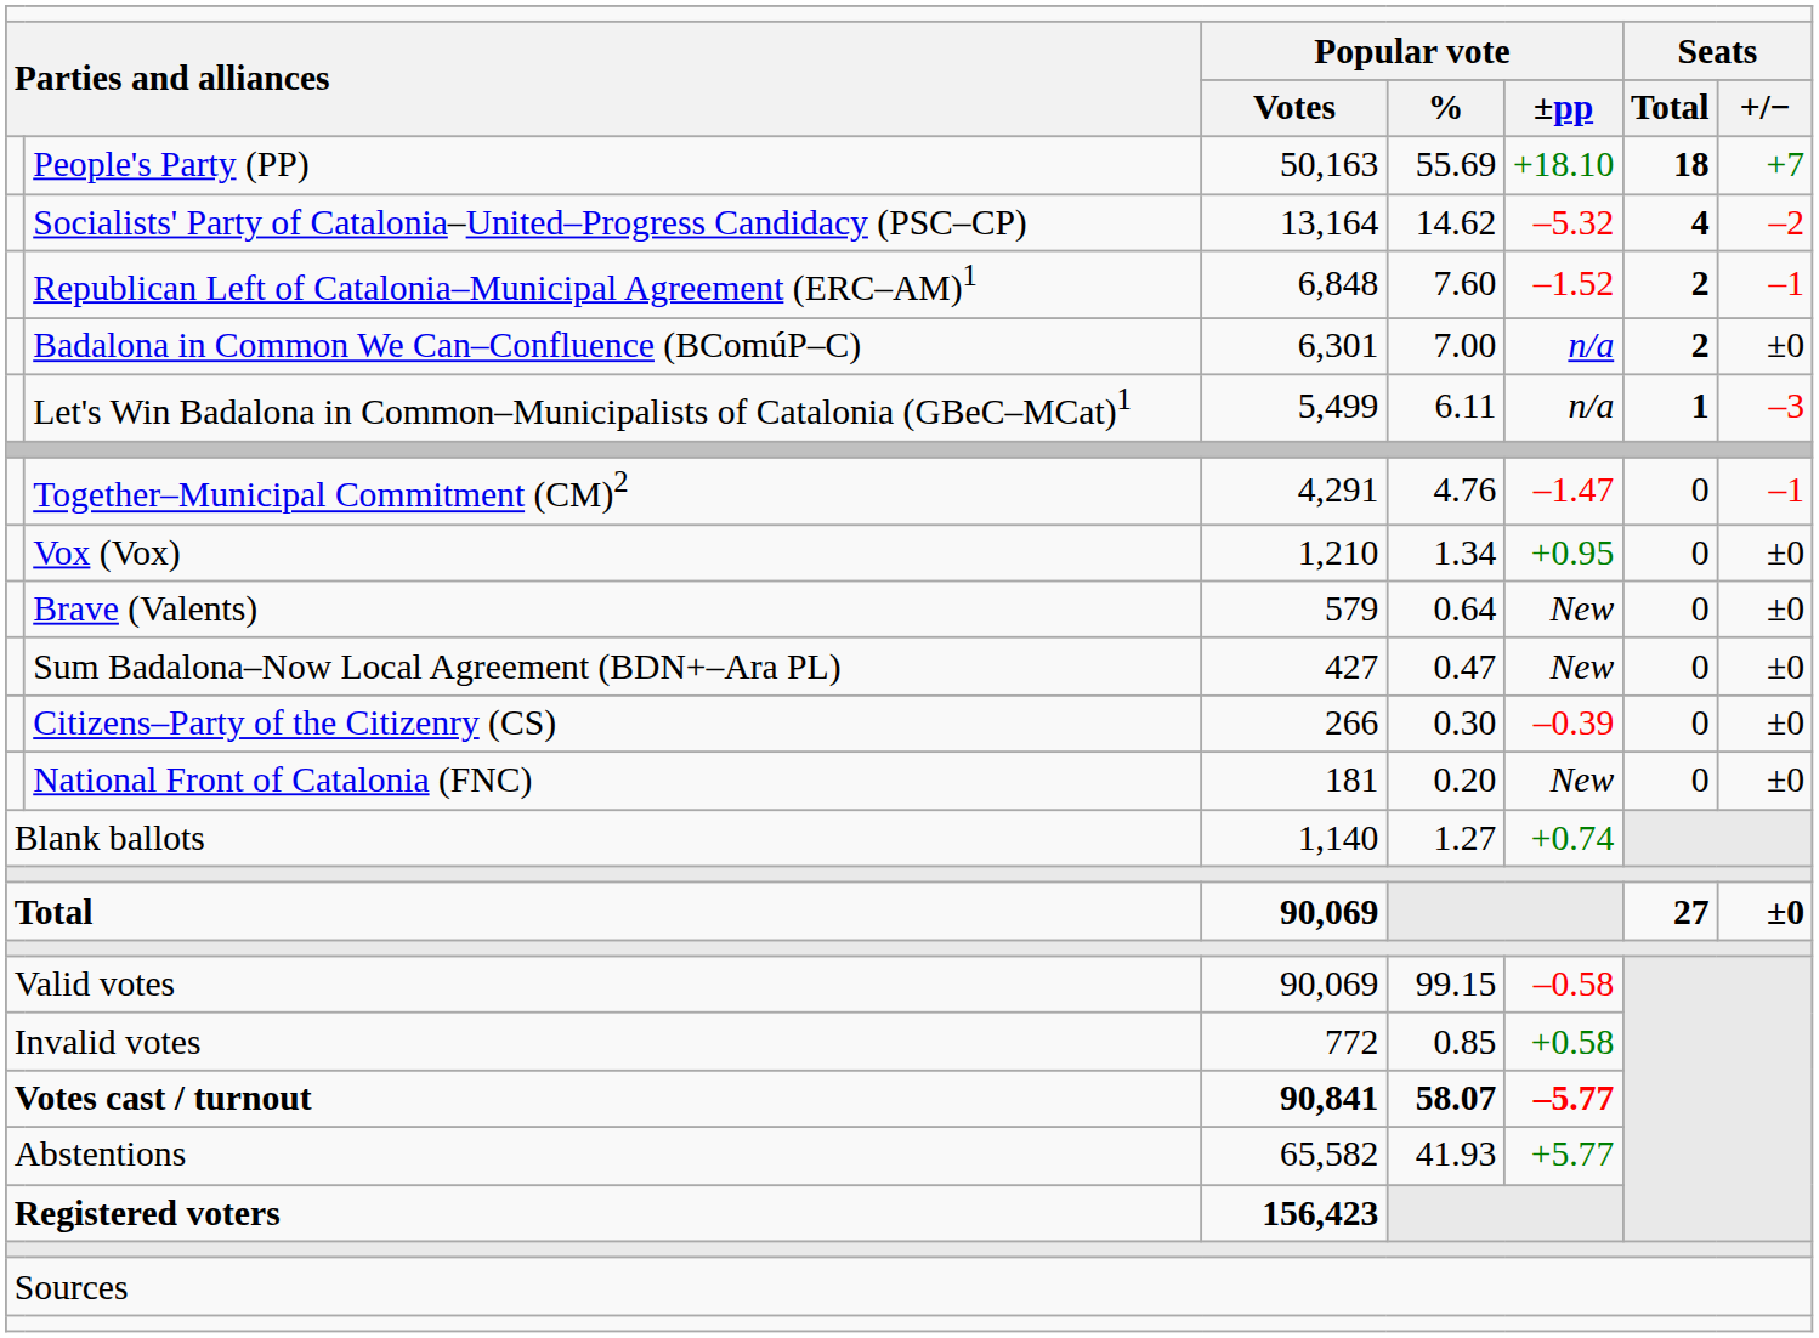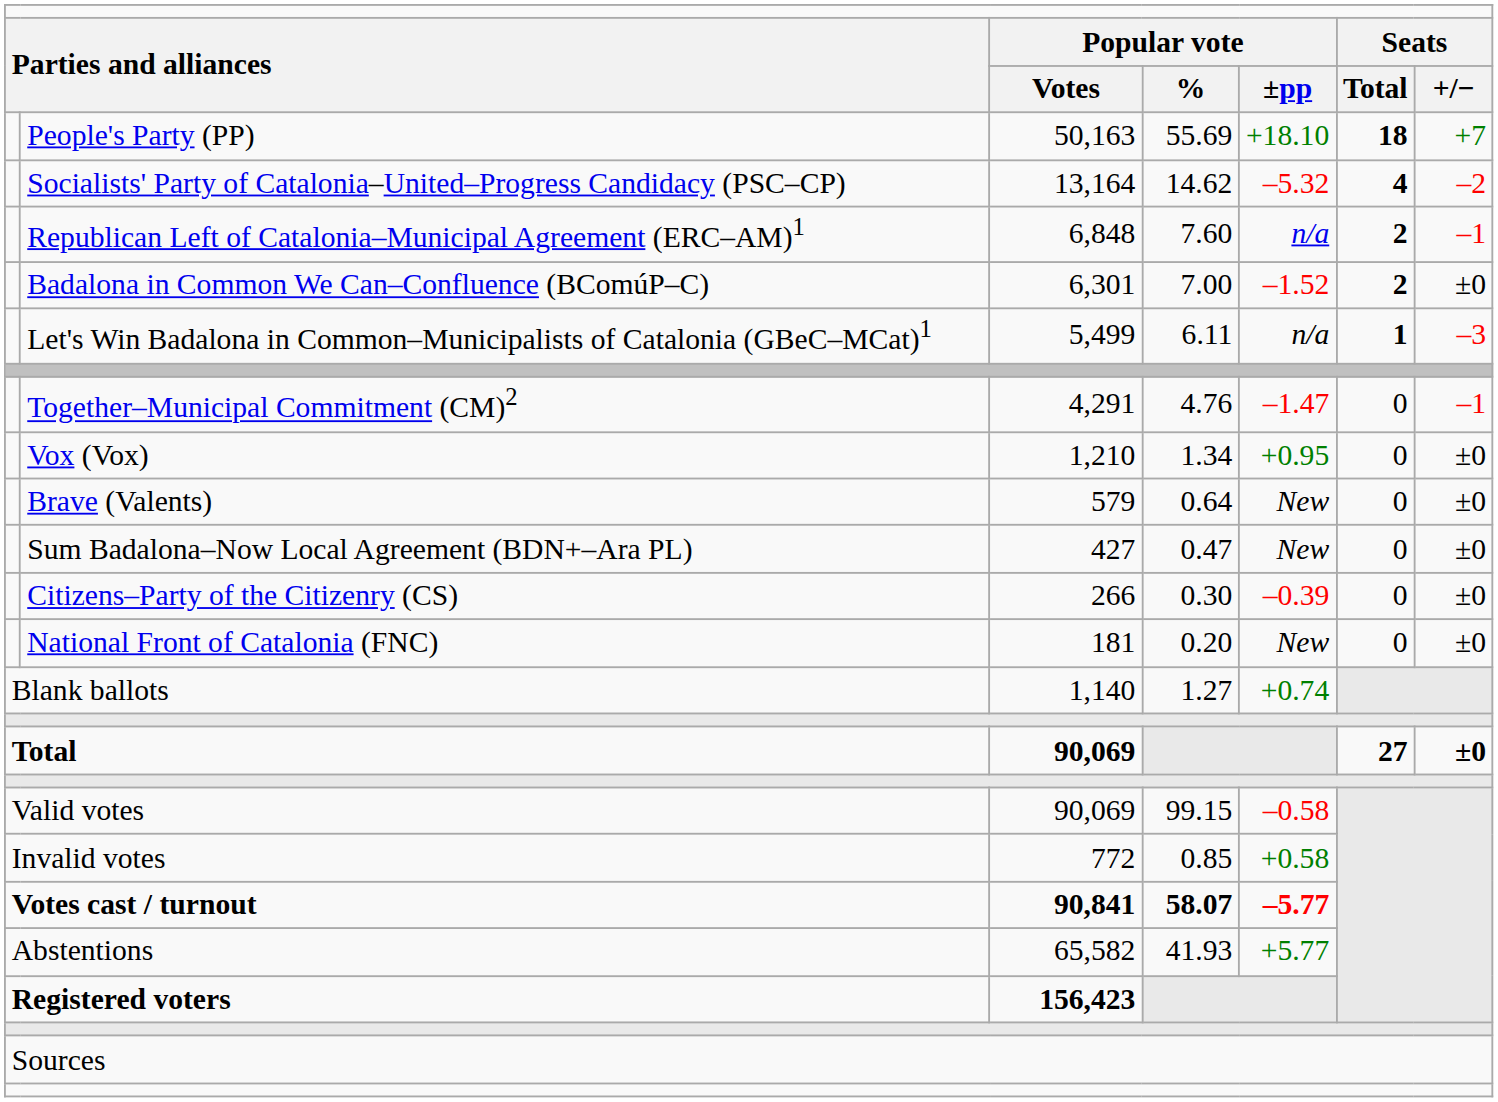 <table class="wikitable" style="text-align:right;">
 <tr>
 <td colspan="7"></td>
 </tr>
 <tr>
 <th style="text-align:left;" rowspan="2" colspan="2" width="525">Parties and alliances</th>
 <th colspan="3">Popular vote</th>
 <th colspan="2">Seats</th>
 </tr>
 <tr>
 <th width="75">Votes</th>
 <th width="45">%</th>
 <th width="45">±<a href='#'>pp</a></th>
 <th width="35">Total</th>
 <th width="35">+/−</th>
 </tr>
 <tr>
 <td width="1" style="color:inherit;background:"></td>
 <td align="left"><a href='#'>People's Party</a> (PP)</td>
 <td>50,163</td>
 <td>55.69</td>
 <td style="color:green;">+18.10</td>
 <td><strong>18</strong></td>
 <td style="color:green;">+7</td>
 </tr>
 <tr>
 <td style="color:inherit;background:"></td>
 <td align="left"><a href='#'>Socialists' Party of Catalonia</a>–<a href='#'>United–Progress Candidacy</a> (PSC–CP)</td>
 <td>13,164</td>
 <td>14.62</td>
 <td style="color:red;">–5.32</td>
 <td><strong>4</strong></td>
 <td style="color:red;">–2</td>
 </tr>
 <tr>
 <td style="color:inherit;background:"></td>
 <td align="left"><a href='#'>Republican Left of Catalonia–Municipal Agreement</a> (ERC–AM)<sup>1</sup></td>
 <td>6,848</td>
 <td>7.60</td>
-<td style="color:red;">–1.52</td>
+<td><em><a href='#'>n/a</a></em></td>
 <td><strong>2</strong></td>
 <td style="color:red;">–1</td>
 </tr>
 <tr>
 <td style="color:inherit;background:"></td>
 <td align="left"><a href='#'>Badalona in Common We Can–Confluence</a> (BComúP–C)</td>
 <td>6,301</td>
 <td>7.00</td>
-<td><em><a href='#'>n/a</a></em></td>
+<td style="color:red;">–1.52</td>
 <td><strong>2</strong></td>
 <td>±0</td>
 </tr>
 <tr>
 <td style="color:inherit;background:"></td>
 <td align="left">Let's Win Badalona in Common–Municipalists of Catalonia (GBeC–MCat)<sup>1</sup></td>
 <td>5,499</td>
 <td>6.11</td>
 <td><em>n/a</em></td>
 <td><strong>1</strong></td>
 <td style="color:red;">–3</td>
 </tr>
 <tr>
 <td colspan="7" bgcolor="#C0C0C0"></td>
 </tr>
 <tr>
 <td style="color:inherit;background:"></td>
 <td align="left"><a href='#'>Together–Municipal Commitment</a> (CM)<sup>2</sup></td>
 <td>4,291</td>
 <td>4.76</td>
 <td style="color:red;">–1.47</td>
 <td>0</td>
 <td style="color:red;">–1</td>
 </tr>
 <tr>
 <td style="color:inherit;background:"></td>
 <td align="left"><a href='#'>Vox</a> (Vox)</td>
 <td>1,210</td>
 <td>1.34</td>
 <td style="color:green;">+0.95</td>
 <td>0</td>
 <td>±0</td>
 </tr>
 <tr>
 <td style="color:inherit;background:"></td>
 <td align="left"><a href='#'>Brave</a> (Valents)</td>
 <td>579</td>
 <td>0.64</td>
 <td><em>New</em></td>
 <td>0</td>
 <td>±0</td>
 </tr>
 <tr>
 <td style="color:inherit;background:"></td>
 <td align="left">Sum Badalona–Now Local Agreement (BDN+–Ara PL)</td>
 <td>427</td>
 <td>0.47</td>
 <td><em>New</em></td>
 <td>0</td>
 <td>±0</td>
 </tr>
 <tr>
 <td style="color:inherit;background:"></td>
 <td align="left"><a href='#'>Citizens–Party of the Citizenry</a> (CS)</td>
 <td>266</td>
 <td>0.30</td>
 <td style="color:red;">–0.39</td>
 <td>0</td>
 <td>±0</td>
 </tr>
 <tr>
 <td style="color:inherit;background:"></td>
 <td align="left"><a href='#'>National Front of Catalonia</a> (FNC)</td>
 <td>181</td>
 <td>0.20</td>
 <td><em>New</em></td>
 <td>0</td>
 <td>±0</td>
 </tr>
 <tr>
 <td align="left" colspan="2">Blank ballots</td>
 <td>1,140</td>
 <td>1.27</td>
 <td style="color:green;">+0.74</td>
 <td bgcolor="#E9E9E9" colspan="2"></td>
 </tr>
 <tr>
 <td colspan="7" bgcolor="#E9E9E9"></td>
 </tr>
 <tr style="font-weight:bold;">
 <td align="left" colspan="2">Total</td>
 <td>90,069</td>
 <td bgcolor="#E9E9E9" colspan="2"></td>
 <td>27</td>
 <td>±0</td>
 </tr>
 <tr>
 <td colspan="7" bgcolor="#E9E9E9"></td>
 </tr>
 <tr>
 <td align="left" colspan="2">Valid votes</td>
 <td>90,069</td>
 <td>99.15</td>
 <td style="color:red;">–0.58</td>
 <td bgcolor="#E9E9E9" colspan="2" rowspan="5"></td>
 </tr>
 <tr>
 <td align="left" colspan="2">Invalid votes</td>
 <td>772</td>
 <td>0.85</td>
 <td style="color:green;">+0.58</td>
 </tr>
 <tr style="font-weight:bold;">
 <td align="left" colspan="2">Votes cast / turnout</td>
 <td>90,841</td>
 <td>58.07</td>
 <td style="color:red;">–5.77</td>
 </tr>
 <tr>
 <td align="left" colspan="2">Abstentions</td>
 <td>65,582</td>
 <td>41.93</td>
 <td style="color:green;">+5.77</td>
 </tr>
 <tr style="font-weight:bold;">
 <td align="left" colspan="2">Registered voters</td>
 <td>156,423</td>
 <td bgcolor="#E9E9E9" colspan="2"></td>
 </tr>
 <tr>
 <td colspan="7" bgcolor="#E9E9E9"></td>
 </tr>
 <tr>
 <td align="left" colspan="7">Sources</td>
 </tr>
 <tr>
 <td colspan="7" style="text-align:left; max-width:790px;"></td>
 </tr>
 </table>
